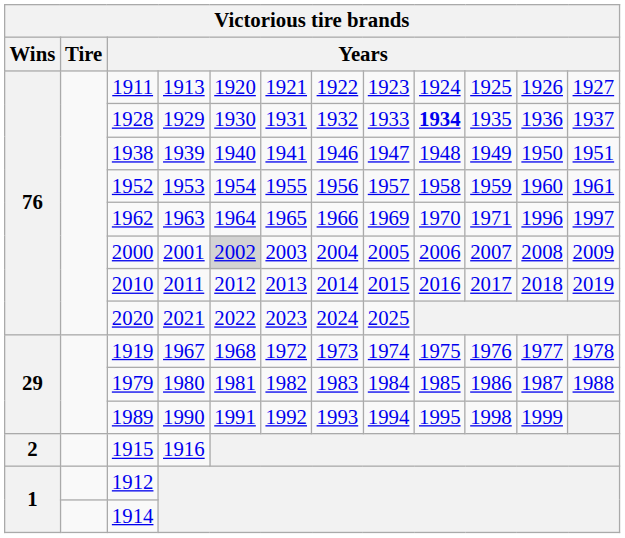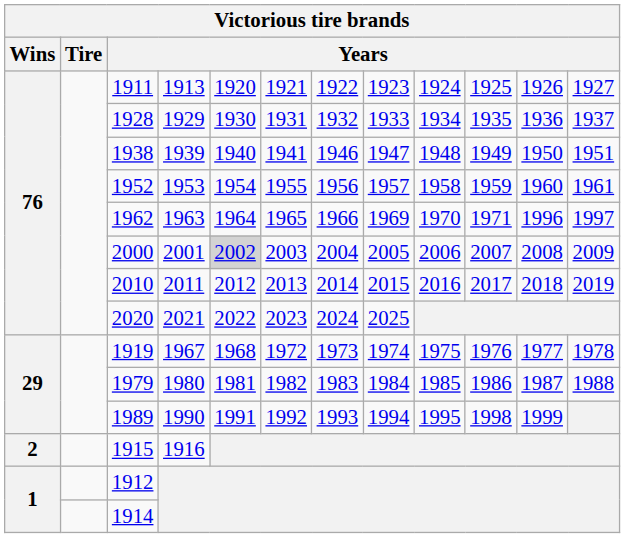 <table class="wikitable">
 <tr>
 <td style="background:#F2F2F2;" align="center" colspan="12"><strong>Victorious tire brands</strong></td>
 </tr>
 <tr>
 <th><strong>Wins</strong></th>
 <th><strong>Tire</strong></th>
 <td style="background:#F2F2F2;" align="center" colspan="10"><strong>Years</strong></td>
 </tr>
 <tr>
 <td rowspan="8" style="background:#F2F2F2;" align="center"><strong>76</strong></td>
 <td rowspan="8" align="center"><br></td>
 <td align="center"><a href='#'>1911</a></td>
 <td align="center"><a href='#'>1913</a></td>
 <td align="center"><a href='#'>1920</a></td>
 <td align="center"><a href='#'>1921</a></td>
 <td align="center"><a href='#'>1922</a></td>
 <td align="center"><a href='#'>1923</a></td>
 <td align="center"><a href='#'>1924</a></td>
 <td align="center"><a href='#'>1925</a></td>
 <td align="center"><a href='#'>1926</a></td>
 <td align="center"><a href='#'>1927</a></td>
 </tr>
 <tr>
 <td align="center"><a href='#'>1928</a></td>
 <td align="center"><a href='#'>1929</a></td>
 <td align="center"><a href='#'>1930</a></td>
 <td align="center"><a href='#'>1931</a></td>
 <td align="center"><a href='#'>1932</a></td>
 <td align="center"><a href='#'>1933</a></td>
-<td align="center"><strong><a href='#'>1934</a></strong></td>
+<td align="center"><a href='#'>1934</a></td>
 <td align="center"><a href='#'>1935</a></td>
 <td align="center"><a href='#'>1936</a></td>
 <td align="center"><a href='#'>1937</a></td>
 </tr>
 <tr>
 <td align="center"><a href='#'>1938</a></td>
 <td align="center"><a href='#'>1939</a></td>
 <td align="center"><a href='#'>1940</a></td>
 <td align="center"><a href='#'>1941</a></td>
 <td align="center"><a href='#'>1946</a></td>
 <td align="center"><a href='#'>1947</a></td>
 <td align="center"><a href='#'>1948</a></td>
 <td align="center"><a href='#'>1949</a></td>
 <td align="center"><a href='#'>1950</a></td>
 <td align="center"><a href='#'>1951</a></td>
 </tr>
 <tr>
 <td align="center"><a href='#'>1952</a></td>
 <td align="center"><a href='#'>1953</a></td>
 <td align="center"><a href='#'>1954</a></td>
 <td align="center"><a href='#'>1955</a></td>
 <td align="center"><a href='#'>1956</a></td>
 <td align="center"><a href='#'>1957</a></td>
 <td align="center"><a href='#'>1958</a></td>
 <td align="center"><a href='#'>1959</a></td>
 <td align="center"><a href='#'>1960</a></td>
 <td align="center"><a href='#'>1961</a></td>
 </tr>
 <tr>
 <td align="center"><a href='#'>1962</a></td>
 <td align="center"><a href='#'>1963</a></td>
 <td align="center"><a href='#'>1964</a></td>
 <td align="center"><a href='#'>1965</a></td>
 <td align="center"><a href='#'>1966</a></td>
 <td align="center"><a href='#'>1969</a></td>
 <td align="center"><a href='#'>1970</a></td>
 <td align="center"><a href='#'>1971</a></td>
 <td align="center"><a href='#'>1996</a></td>
 <td align="center"><a href='#'>1997</a></td>
 </tr>
 <tr>
 <td align="center"><a href='#'>2000</a></td>
 <td align="center"><a href='#'>2001</a></td>
 <td align="center" style="background: lightgrey;"><a href='#'>2002</a></td>
 <td align="center"><a href='#'>2003</a></td>
 <td align="center"><a href='#'>2004</a></td>
 <td align="center"><a href='#'>2005</a></td>
 <td align="center"><a href='#'>2006</a></td>
 <td align="center"><a href='#'>2007</a></td>
 <td align="center"><a href='#'>2008</a></td>
 <td align="center"><a href='#'>2009</a></td>
 </tr>
 <tr>
 <td align="center"><a href='#'>2010</a></td>
 <td align="center"><a href='#'>2011</a></td>
 <td align="center"><a href='#'>2012</a></td>
 <td align="center"><a href='#'>2013</a></td>
 <td align="center"><a href='#'>2014</a></td>
 <td align="center"><a href='#'>2015</a></td>
 <td align="center"><a href='#'>2016</a></td>
 <td align="center"><a href='#'>2017</a></td>
 <td align="center"><a href='#'>2018</a></td>
 <td align="center"><a href='#'>2019</a></td>
 </tr>
 <tr>
 <td align="center"><a href='#'>2020</a></td>
 <td align="center"><a href='#'>2021</a></td>
 <td align="center"><a href='#'>2022</a></td>
 <td align="center"><a href='#'>2023</a></td>
 <td align="center"><a href='#'>2024</a></td>
 <td align="center"><a href='#'>2025</a></td>
 <td style="background:#F2F2F2;" align="center" colspan="6"> </td>
 </tr>
 <tr>
 <td style="background:#F2F2F2;" align="center" rowspan="3"><strong>29</strong></td>
 <td align="center" rowspan="3"><br></td>
 <td align="center"><a href='#'>1919</a></td>
 <td align="center"><a href='#'>1967</a></td>
 <td align="center"><a href='#'>1968</a></td>
 <td align="center"><a href='#'>1972</a></td>
 <td align="center"><a href='#'>1973</a></td>
 <td align="center"><a href='#'>1974</a></td>
 <td align="center"><a href='#'>1975</a></td>
 <td align="center"><a href='#'>1976</a></td>
 <td align="center"><a href='#'>1977</a></td>
 <td align="center"><a href='#'>1978</a></td>
 </tr>
 <tr>
 <td align="center"><a href='#'>1979</a></td>
 <td align="center"><a href='#'>1980</a></td>
 <td align="center"><a href='#'>1981</a></td>
 <td align="center"><a href='#'>1982</a></td>
 <td align="center"><a href='#'>1983</a></td>
 <td align="center"><a href='#'>1984</a></td>
 <td align="center"><a href='#'>1985</a></td>
 <td align="center"><a href='#'>1986</a></td>
 <td align="center"><a href='#'>1987</a></td>
 <td align="center"><a href='#'>1988</a></td>
 </tr>
 <tr>
 <td align="center"><a href='#'>1989</a></td>
 <td align="center"><a href='#'>1990</a></td>
 <td align="center"><a href='#'>1991</a></td>
 <td align="center"><a href='#'>1992</a></td>
 <td align="center"><a href='#'>1993</a></td>
 <td align="center"><a href='#'>1994</a></td>
 <td align="center"><a href='#'>1995</a></td>
 <td align="center"><a href='#'>1998</a></td>
 <td align="center"><a href='#'>1999</a></td>
 <td style="background:#F2F2F2;" align="center"> </td>
 </tr>
 <tr>
 <td style="background:#F2F2F2;" align="center"><strong>2</strong></td>
 <td align="center"></td>
 <td align="center"><a href='#'>1915</a></td>
 <td align="center"><a href='#'>1916</a></td>
 <td style="background:#F2F2F2;" align="center" colspan="8"> </td>
 </tr>
 <tr>
 <td style="background:#F2F2F2;" align="center" rowspan="2"><strong>1</strong></td>
 <td align="center"></td>
 <td align="center"><a href='#'>1912</a></td>
 <td style="background:#F2F2F2;" align="center" colspan="9" rowspan="2"> </td>
 </tr>
 <tr>
 <td align="center"></td>
 <td align="center"><a href='#'>1914</a></td>
 </tr>
 </table>
